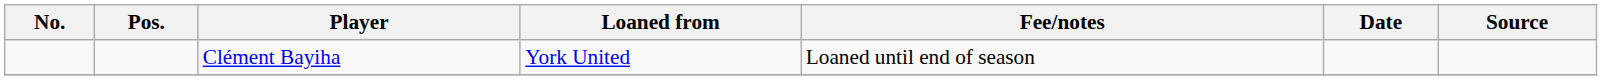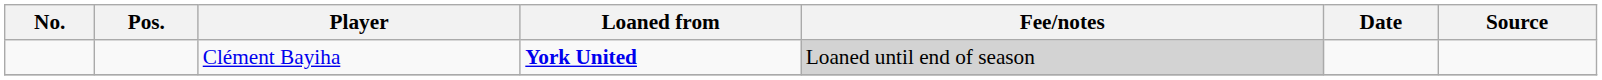 <table class="wikitable sortable" style="width:90%; text-align:center; font-size:95%; text-align:left;">
 <tr>
 <th>No.</th>
 <th>Pos.</th>
 <th>Player</th>
 <th>Loaned from</th>
 <th>Fee/notes</th>
 <th>Date</th>
 <th>Source</th>
 </tr>
 <tr>
 <td align=center></td>
 <td align=center></td>
 <td align=Bayiha, Clément> <a href='#'>Clément Bayiha</a></td>
-<td> <a href='#'>York United</a></td>
-<td>Loaned until end of season</td>
+<td><strong> <a href='#'>York United</a></strong></td>
+<td style="background: lightgrey;">Loaned until end of season</td>
 <td></td>
 <td></td>
 </tr>
 <tr>
 </tr>
 </table>
